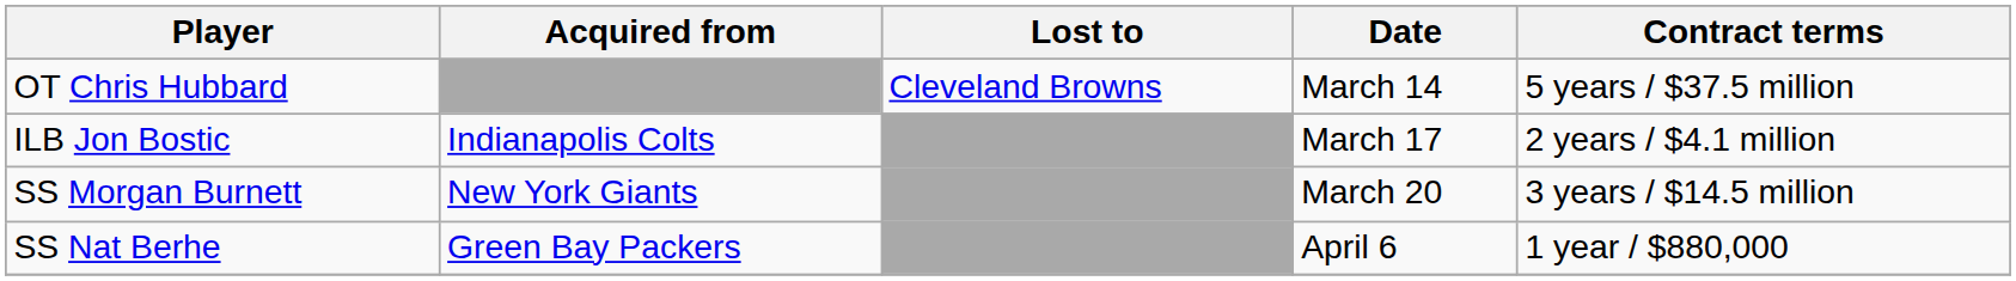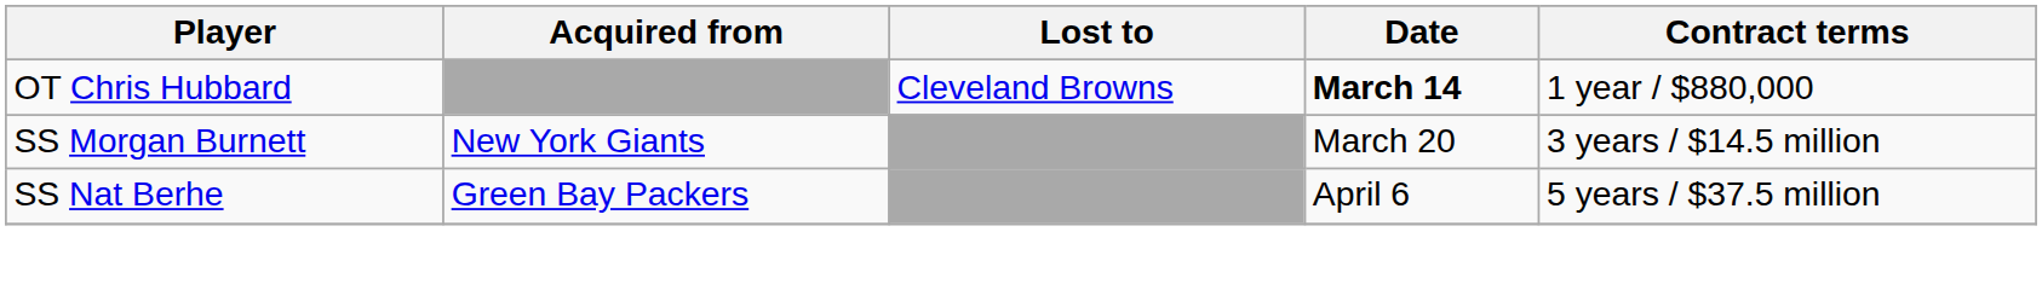 <table class="wikitable" style="width:75%">
 <tr style="text-align:center; background:#ddd">
 <th>Player</th>
 <th>Acquired from</th>
 <th>Lost to</th>
 <th>Date</th>
 <th>Contract terms</th>
 </tr>
 <tr>
 <td><div>OT <a href='#'>Chris Hubbard</a></div></td>
 <td style="background:darkgray"></td>
 <td><div><a href='#'>Cleveland Browns</a></div></td>
-<td><div>March 14</div></td>
-<td><div>5 years / $37.5 million</div></td>
-</tr>
-<tr>
-<td><div>ILB <a href='#'>Jon Bostic</a></div></td>
-<td><div><a href='#'>Indianapolis Colts</a></div></td>
-<td style="background:darkgray"></td>
-<td><div>March 17</div></td>
-<td><div>2 years / $4.1 million</div></td>
+<td><strong><div>March 14</div></strong></td>
+<td><div>1 year / $880,000</div></td>
 </tr>
 <tr>
 <td><div>SS <a href='#'>Morgan Burnett</a></div></td>
 <td><div><a href='#'>New York Giants</a></div></td>
 <td style="background:darkgray"></td>
 <td><div>March 20</div></td>
 <td><div>3 years / $14.5 million</div></td>
 </tr>
 <tr>
 <td><div>SS <a href='#'>Nat Berhe</a></div></td>
 <td><div><a href='#'>Green Bay Packers</a></div></td>
 <td style="background:darkgray"></td>
 <td><div>April 6</div></td>
-<td><div>1 year / $880,000</div></td>
+<td><div>5 years / $37.5 million</div></td>
 </tr>
 <tr>
 </tr>
 </table>
